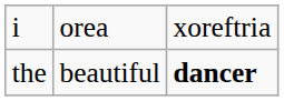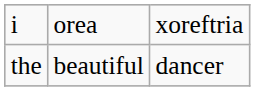 <table class="wikitable" border="1">
 <tr>
 <td>i</td>
 <td>orea</td>
 <td>xoreftria</td>
 </tr>
 <tr>
 <td>the</td>
 <td>beautiful</td>
-<td><strong>dancer</strong></td>
+<td>dancer</td>
 </tr>
 </table>
